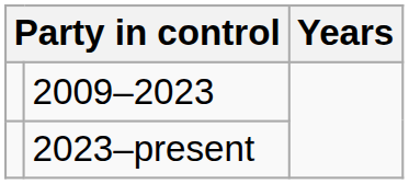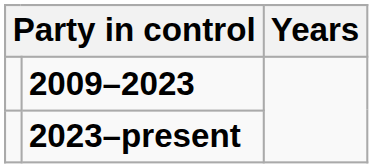 <table class="wikitable">
 <tr>
 <th colspan="2">Party in control</th>
 <th>Years</th>
 </tr>
 <tr>
 <td></td>
-<td>2009–2023</td>
+<td><strong>2009–2023</strong></td>
 </tr>
 <tr>
 <td></td>
-<td>2023–present</td>
+<td><strong>2023–present</strong></td>
 </tr>
 </table>
